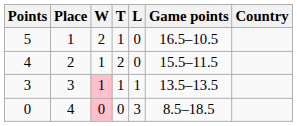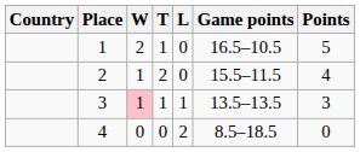 <table class="wikitable sortable" style="text-align:center">
 <tr>
-<th>Points</th>
+<th>Country</th>
 <th>Place</th>
 <th>W</th>
 <th>T</th>
 <th>L</th>
 <th>Game points</th>
-<th>Country</th>
+<th>Points</th>
 </tr>
 <tr>
-<td>5</td>
+<td align=left></td>
 <td>1</td>
 <td>2</td>
 <td>1</td>
 <td>0</td>
 <td>16.5–10.5</td>
-<td align=left></td>
+<td>5</td>
 </tr>
 <tr>
-<td>4</td>
+<td align=left></td>
 <td>2</td>
 <td>1</td>
 <td>2</td>
 <td>0</td>
 <td>15.5–11.5</td>
-<td align=left></td>
+<td>4</td>
 </tr>
 <tr>
-<td>3</td>
+<td align=left></td>
 <td>3</td>
 <td style="background: pink;">1</td>
 <td>1</td>
 <td>1</td>
 <td>13.5–13.5</td>
-<td align=left></td>
+<td>3</td>
 </tr>
 <tr>
+<td align=left></td>
+<td>4</td>
 <td>0</td>
-<td>4</td>
-<td style="background: pink;">0</td>
 <td>0</td>
-<td>3</td>
+<td>2</td>
 <td>8.5–18.5</td>
-<td align=left></td>
+<td>0</td>
 </tr>
 </table>
